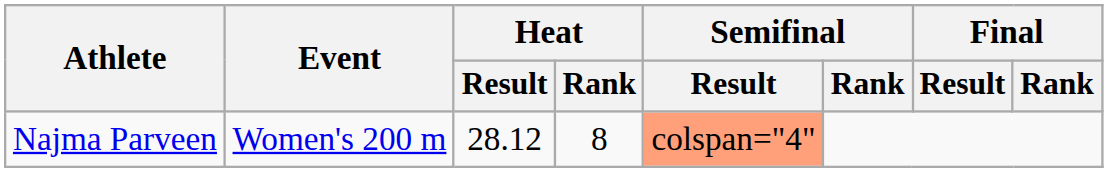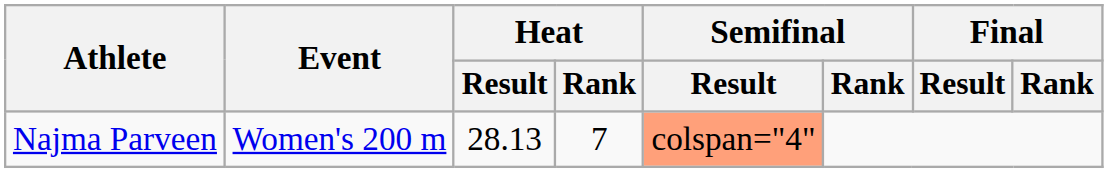 <table class="wikitable" style="font-size:90%">
 <tr>
 <th rowspan="2">Athlete</th>
 <th rowspan="2">Event</th>
 <th colspan="2">Heat</th>
 <th colspan="2">Semifinal</th>
 <th colspan="2">Final</th>
 </tr>
 <tr style="font-size:95%">
 <th>Result</th>
 <th>Rank</th>
 <th>Result</th>
 <th>Rank</th>
 <th>Result</th>
 <th>Rank</th>
 </tr>
 <tr align=center>
 <td align=left><a href='#'>Najma Parveen</a></td>
 <td align=left><a href='#'>Women's 200 m</a></td>
-<td>28.12</td>
-<td>8</td>
+<td>28.13</td>
+<td>7</td>
 <td style="background: lightsalmon;">colspan="4" </td>
 </tr>
 </table>
